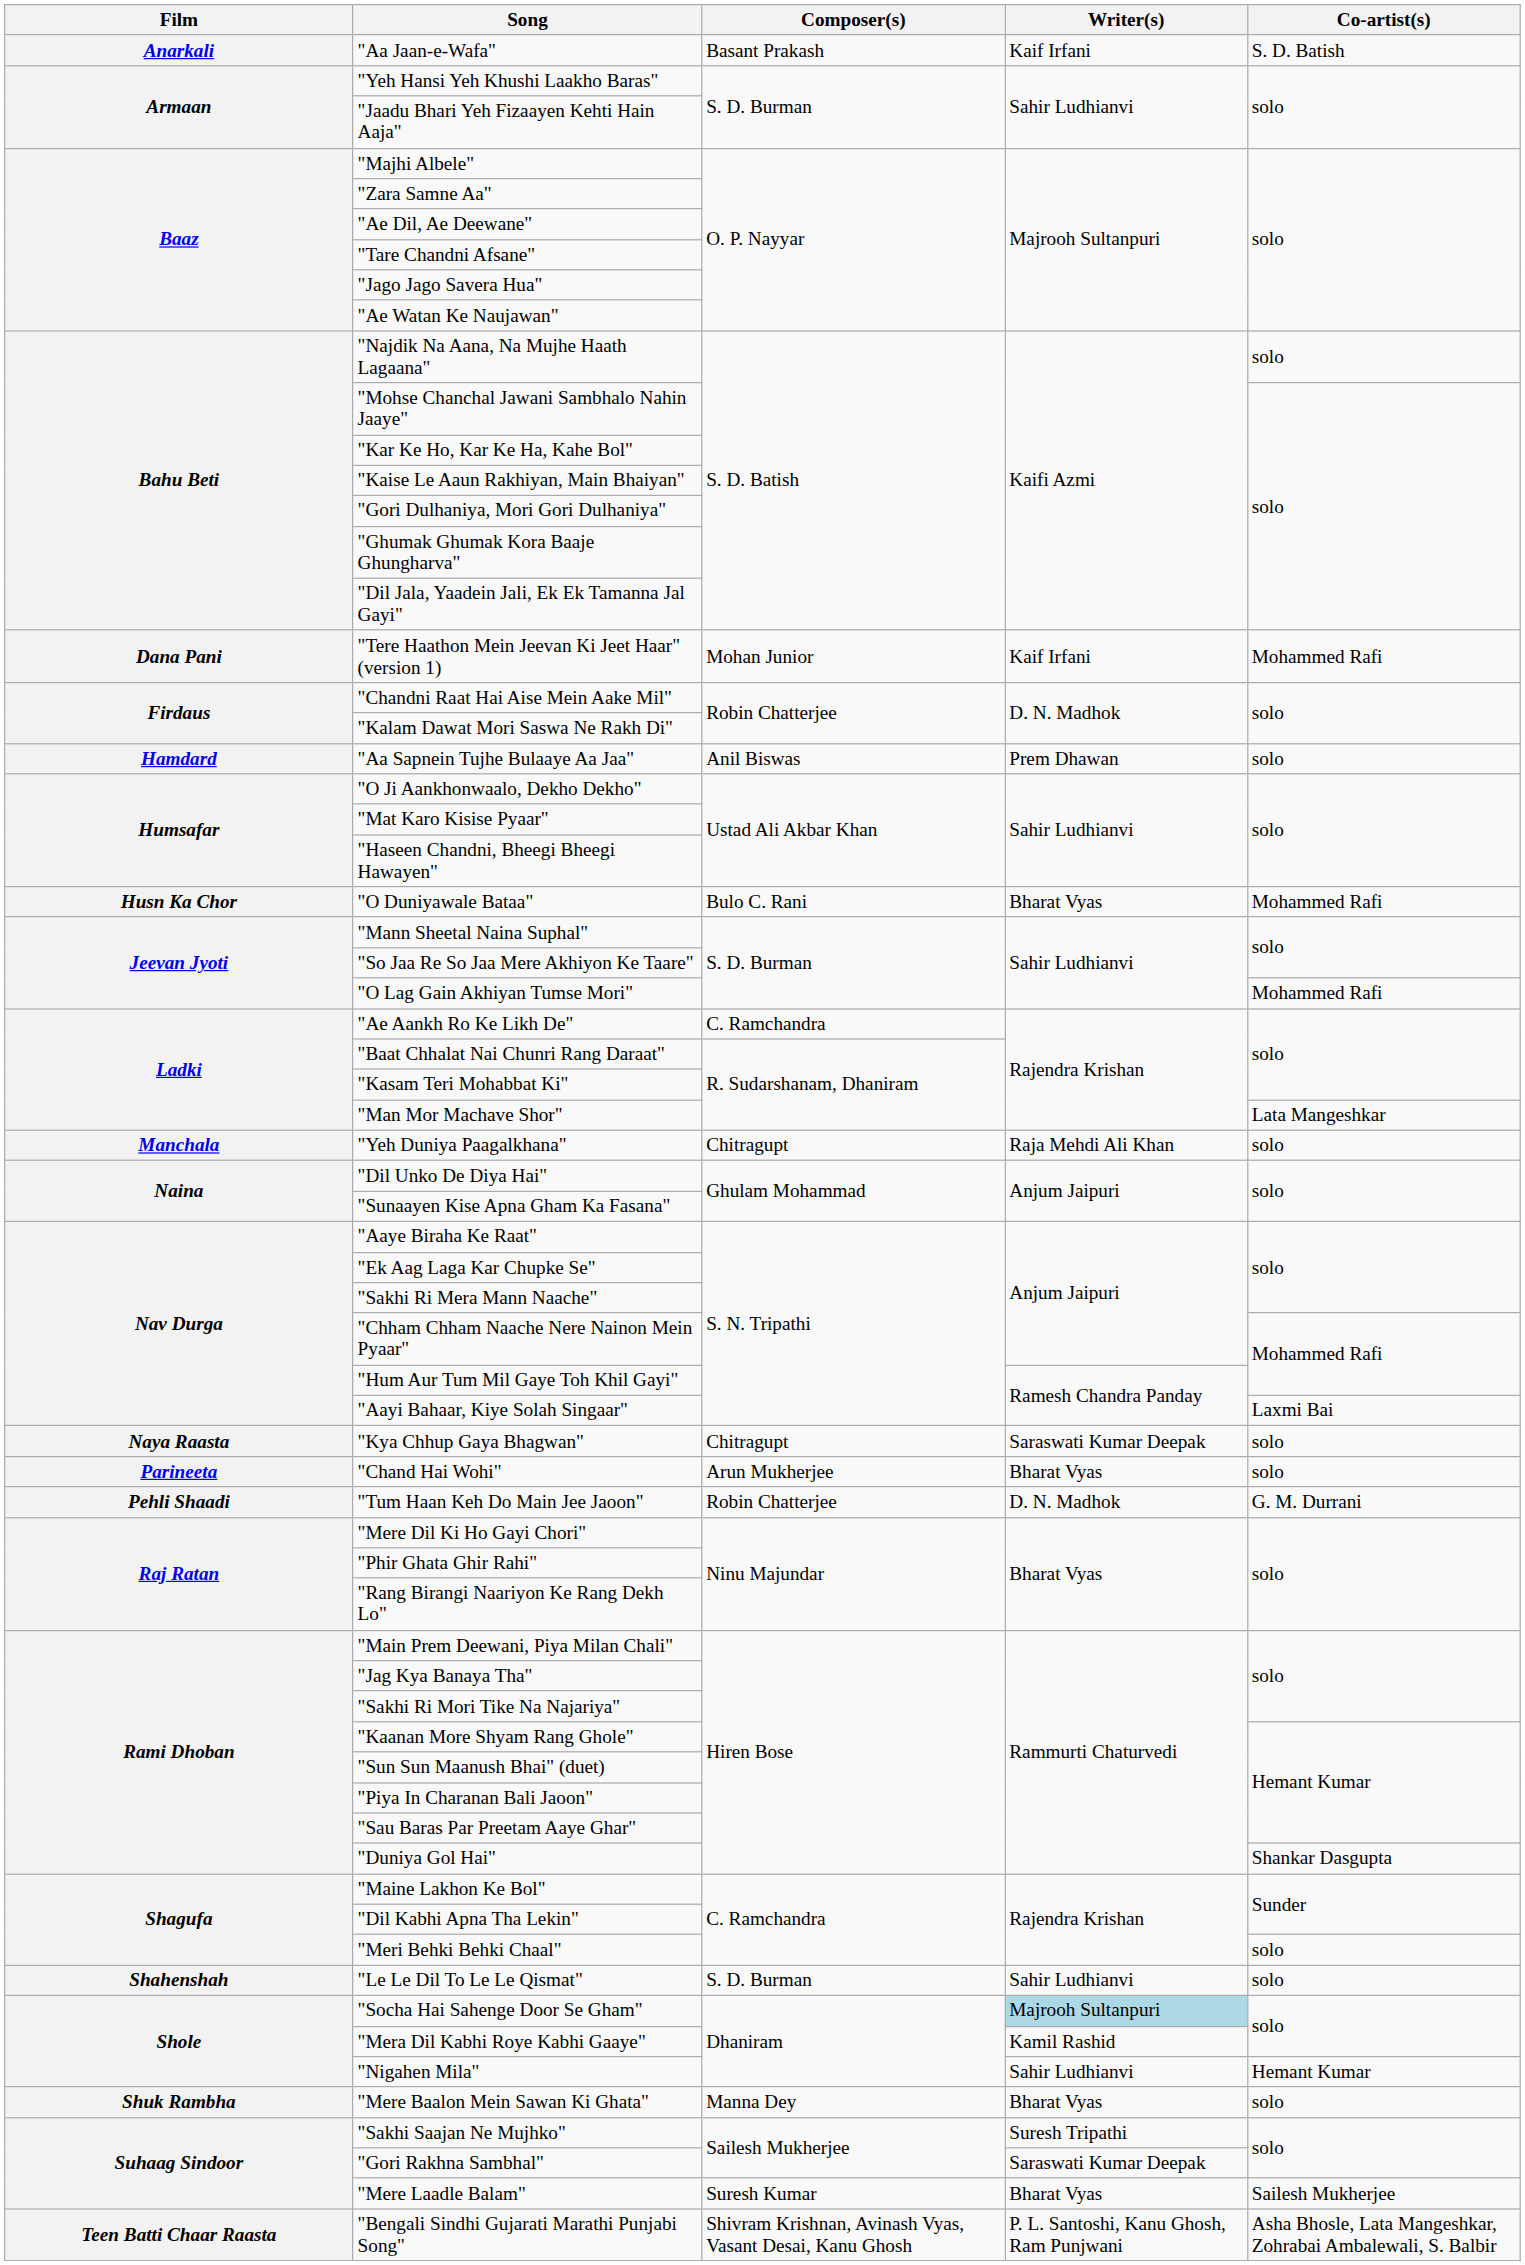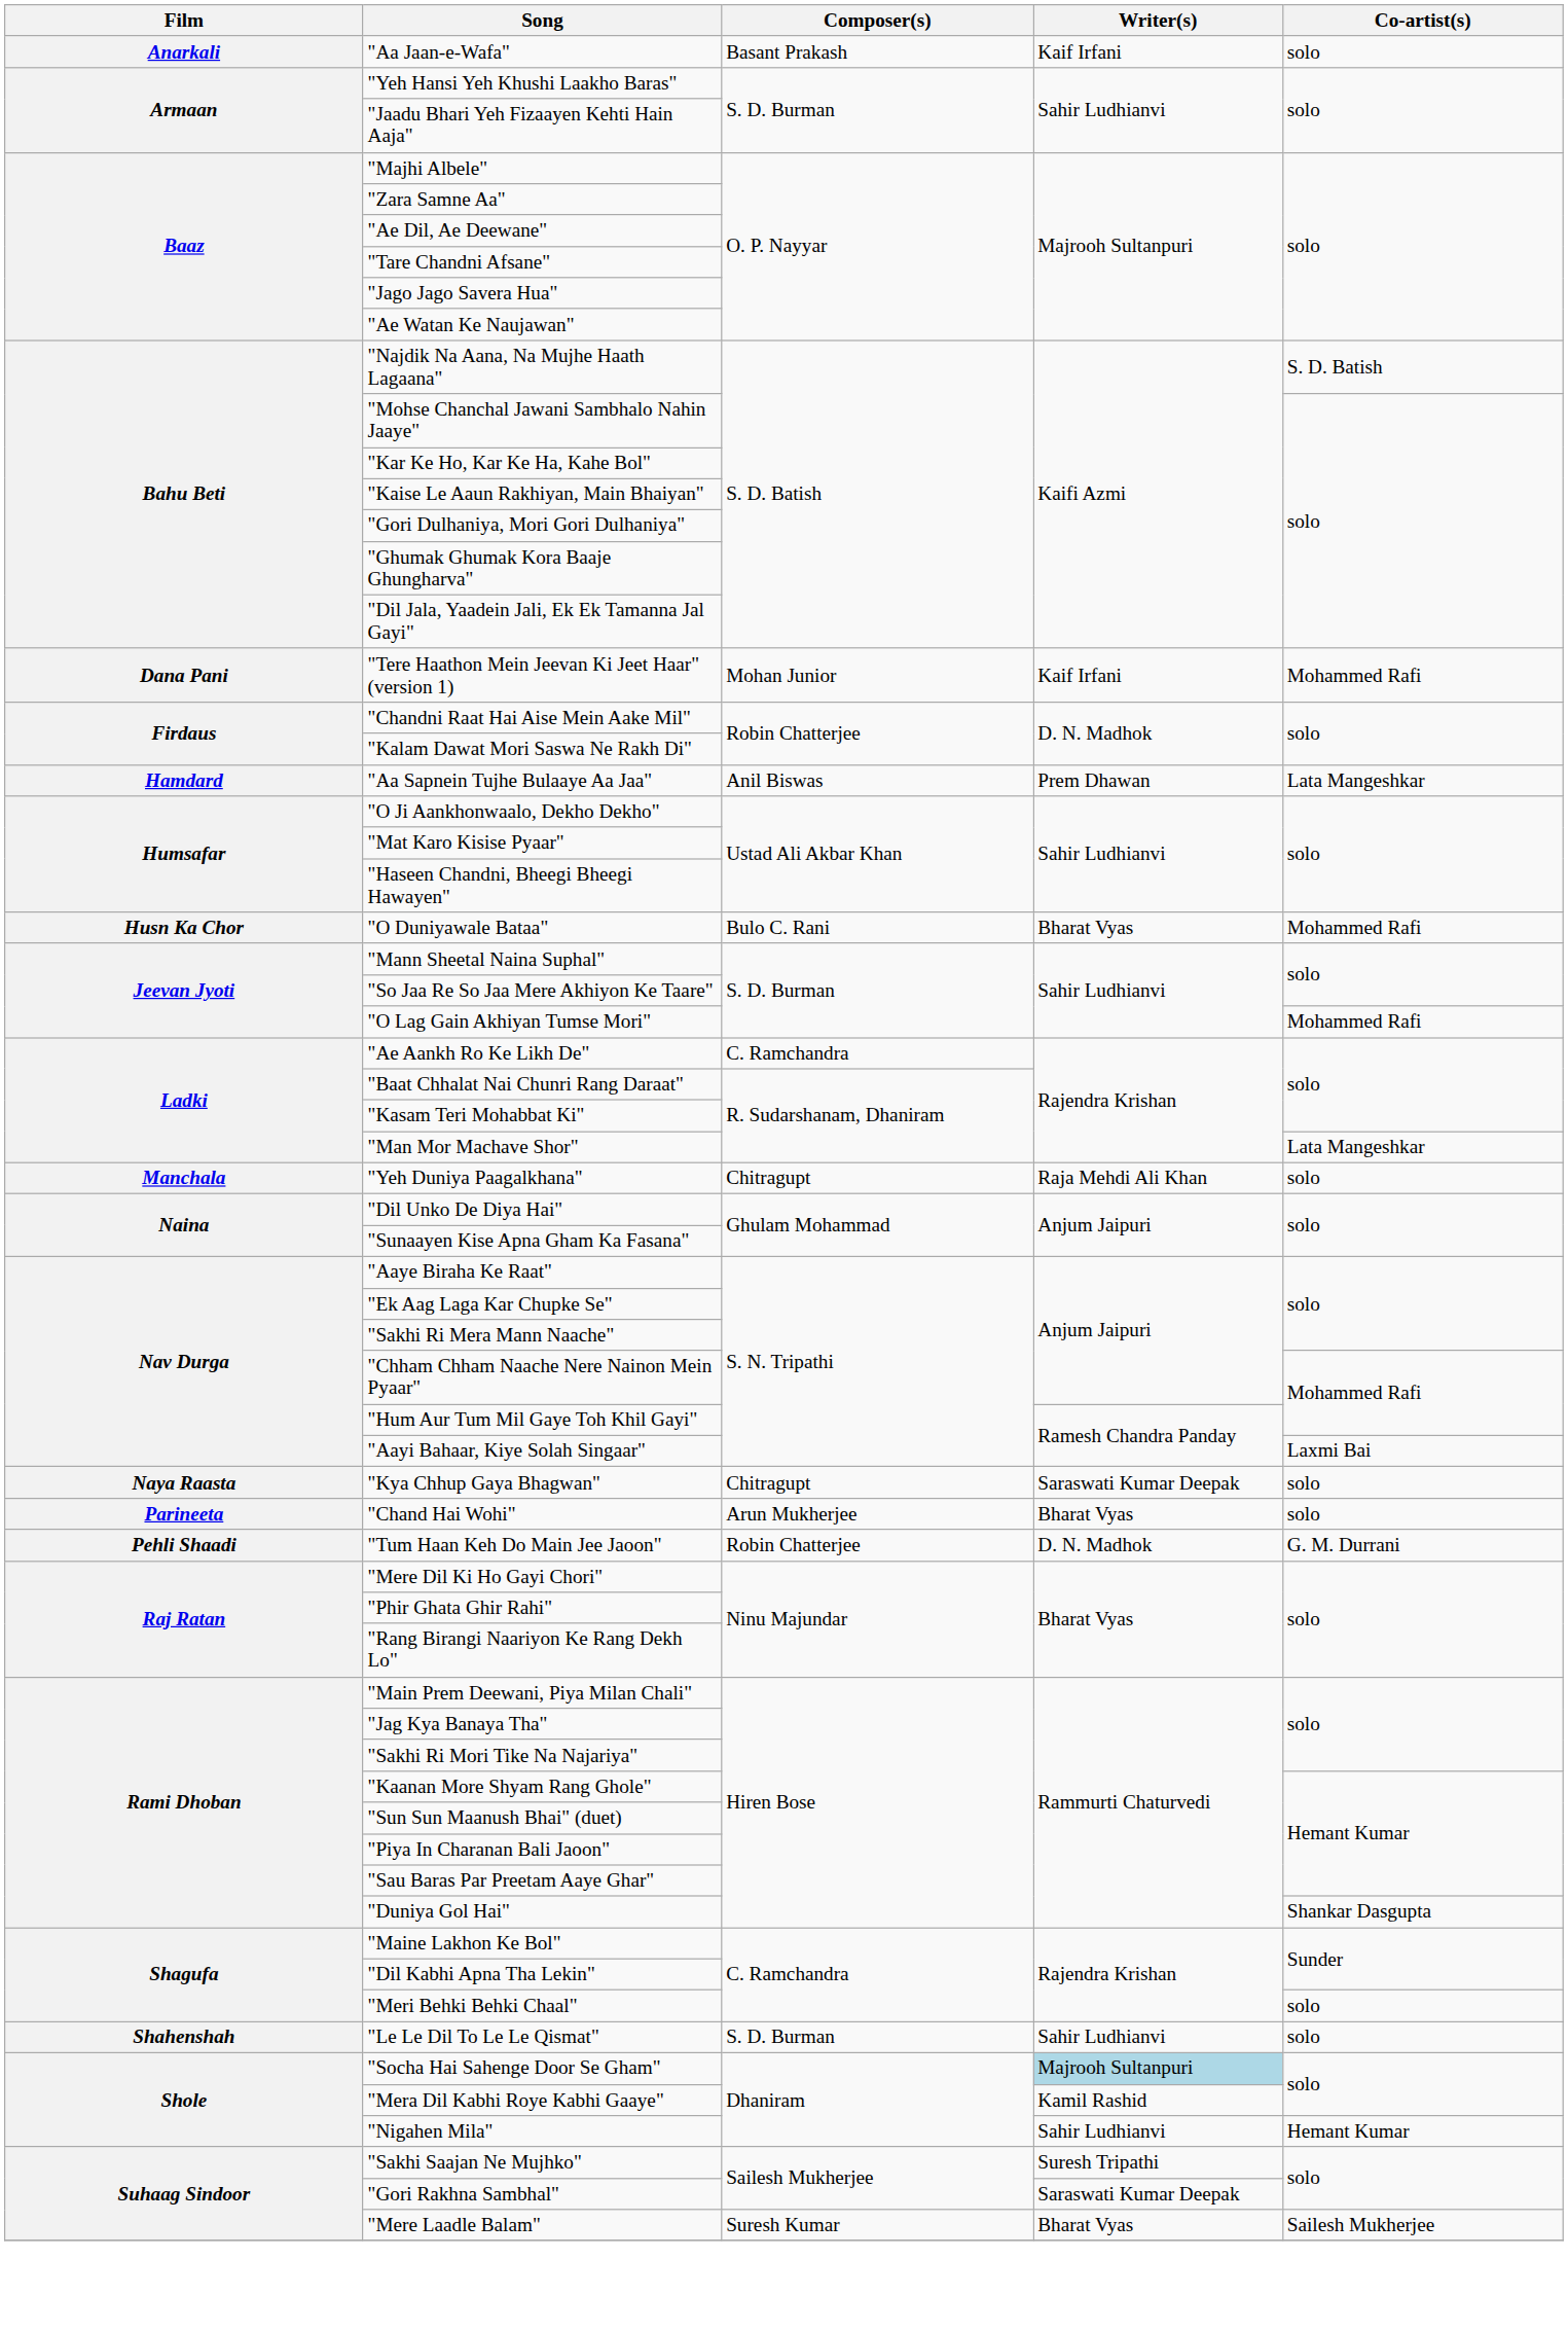 <table class="wikitable plainrowheaders" width="100%" textcolor:#000;">
 <tr style="background:#b0e0e66;">
 <th scope="col" width=23%><strong>Film</strong></th>
 <th scope="col" width=23%><strong>Song</strong></th>
 <th scope="col" width=20%><strong>Composer(s)</strong></th>
 <th scope="col" width=16%><strong>Writer(s)</strong></th>
 <th scope="col" width=18%><strong>Co-artist(s)</strong></th>
 </tr>
 <tr>
 <th><em><a href='#'>Anarkali</a></em></th>
 <td>"Aa Jaan-e-Wafa"</td>
 <td>Basant Prakash</td>
 <td>Kaif Irfani</td>
-<td>S. D. Batish</td>
+<td>solo</td>
 </tr>
 <tr>
 <th Rowspan=2><em>Armaan</em></th>
 <td>"Yeh Hansi Yeh Khushi Laakho Baras"</td>
 <td rowspan=2>S. D. Burman</td>
 <td rowspan=2>Sahir Ludhianvi</td>
 <td rowspan=2>solo</td>
 </tr>
 <tr>
 <td>"Jaadu Bhari Yeh Fizaayen Kehti Hain Aaja"</td>
 </tr>
 <tr>
 <th Rowspan=6><em><a href='#'>Baaz</a></em></th>
 <td>"Majhi Albele"</td>
 <td rowspan=6>O. P. Nayyar</td>
 <td rowspan=6>Majrooh Sultanpuri</td>
 <td rowspan=6>solo</td>
 </tr>
 <tr>
 <td>"Zara Samne Aa"</td>
 </tr>
 <tr>
 <td>"Ae Dil, Ae Deewane"</td>
 </tr>
 <tr>
 <td>"Tare Chandni Afsane"</td>
 </tr>
 <tr>
 <td>"Jago Jago Savera Hua"</td>
 </tr>
 <tr>
 <td>"Ae Watan Ke Naujawan"</td>
 </tr>
 <tr>
 <th rowspan=7><em>Bahu Beti</em></th>
 <td>"Najdik Na Aana, Na Mujhe Haath Lagaana"</td>
 <td rowspan=7>S. D. Batish</td>
 <td rowspan=7>Kaifi Azmi</td>
-<td>solo</td>
+<td>S. D. Batish</td>
 </tr>
 <tr>
 <td>"Mohse Chanchal Jawani Sambhalo Nahin Jaaye"</td>
 <td rowspan=6>solo</td>
 </tr>
 <tr>
 <td>"Kar Ke Ho, Kar Ke Ha, Kahe Bol"</td>
 </tr>
 <tr>
 <td>"Kaise Le Aaun Rakhiyan, Main Bhaiyan"</td>
 </tr>
 <tr>
 <td>"Gori Dulhaniya, Mori Gori Dulhaniya"</td>
 </tr>
 <tr>
 <td>"Ghumak Ghumak Kora Baaje Ghungharva"</td>
 </tr>
 <tr>
 <td>"Dil Jala, Yaadein Jali, Ek Ek Tamanna Jal Gayi"</td>
 </tr>
 <tr>
 <th><em>Dana Pani</em></th>
 <td>"Tere Haathon Mein Jeevan Ki Jeet Haar" (version 1)</td>
 <td>Mohan Junior</td>
 <td>Kaif Irfani</td>
 <td>Mohammed Rafi</td>
 </tr>
 <tr>
 <th Rowspan=2><em>Firdaus</em></th>
 <td>"Chandni Raat Hai Aise Mein Aake Mil"</td>
 <td rowspan=2>Robin Chatterjee</td>
 <td rowspan=2>D. N. Madhok</td>
 <td rowspan=2>solo</td>
 </tr>
 <tr>
 <td>"Kalam Dawat Mori Saswa Ne Rakh Di"</td>
 </tr>
 <tr>
 <th><em><a href='#'>Hamdard</a></em></th>
 <td>"Aa Sapnein Tujhe Bulaaye Aa Jaa"</td>
 <td>Anil Biswas</td>
 <td>Prem Dhawan</td>
-<td>solo</td>
+<td>Lata Mangeshkar</td>
 </tr>
 <tr>
 <th Rowspan=3><em>Humsafar</em></th>
 <td>"O Ji Aankhonwaalo, Dekho Dekho"</td>
 <td rowspan=3>Ustad Ali Akbar Khan</td>
 <td rowspan=3>Sahir Ludhianvi</td>
 <td Rowspan=3>solo</td>
 </tr>
 <tr>
 <td>"Mat Karo Kisise Pyaar"</td>
 </tr>
 <tr>
 <td>"Haseen Chandni, Bheegi Bheegi Hawayen"</td>
 </tr>
 <tr>
 <th rowspan=1><em>Husn Ka Chor</em></th>
 <td>"O Duniyawale Bataa"</td>
 <td Rowspan=1>Bulo C. Rani</td>
 <td>Bharat Vyas</td>
 <td rowspan=1>Mohammed Rafi</td>
 </tr>
 <tr>
 <th Rowspan=3><em><a href='#'>Jeevan Jyoti</a></em></th>
 <td>"Mann Sheetal Naina Suphal"</td>
 <td rowspan=3>S. D. Burman</td>
 <td rowspan=3>Sahir Ludhianvi</td>
 <td rowspan=2>solo</td>
 </tr>
 <tr>
 <td>"So Jaa Re So Jaa Mere Akhiyon Ke Taare"</td>
 </tr>
 <tr>
 <td>"O Lag Gain Akhiyan Tumse Mori"</td>
 <td>Mohammed Rafi</td>
 </tr>
 <tr>
 <th Rowspan=4><em><a href='#'>Ladki</a></em></th>
 <td>"Ae Aankh Ro Ke Likh De"</td>
 <td>C. Ramchandra</td>
 <td rowspan=4>Rajendra Krishan</td>
 <td rowspan=3>solo</td>
 </tr>
 <tr>
 <td>"Baat Chhalat Nai Chunri Rang Daraat"</td>
 <td rowspan=3>R. Sudarshanam, Dhaniram</td>
 </tr>
 <tr>
 <td>"Kasam Teri Mohabbat Ki"</td>
 </tr>
 <tr>
 <td>"Man Mor Machave Shor"</td>
 <td>Lata Mangeshkar</td>
 </tr>
 <tr>
 <th><em><a href='#'>Manchala</a></em></th>
 <td>"Yeh Duniya Paagalkhana"</td>
 <td>Chitragupt</td>
 <td>Raja Mehdi Ali Khan</td>
 <td>solo</td>
 </tr>
 <tr>
 <th rowspan=2><em>Naina</em></th>
 <td>"Dil Unko De Diya Hai"</td>
 <td rowspan=2>Ghulam Mohammad</td>
 <td rowspan=2>Anjum Jaipuri</td>
 <td rowspan=2>solo</td>
 </tr>
 <tr>
 <td>"Sunaayen Kise Apna Gham Ka Fasana"</td>
 </tr>
 <tr>
 <th Rowspan=6><em>Nav Durga</em></th>
 <td>"Aaye Biraha Ke Raat"</td>
 <td rowspan=6>S. N. Tripathi</td>
 <td rowspan=4>Anjum Jaipuri</td>
 <td rowspan=3>solo</td>
 </tr>
 <tr>
 <td>"Ek Aag Laga Kar Chupke Se"</td>
 </tr>
 <tr>
 <td>"Sakhi Ri Mera Mann Naache"</td>
 </tr>
 <tr>
 <td>"Chham Chham Naache Nere Nainon Mein Pyaar"</td>
 <td rowspan=2>Mohammed Rafi</td>
 </tr>
 <tr>
 <td>"Hum Aur Tum Mil Gaye Toh Khil Gayi"</td>
 <td rowspan=2>Ramesh Chandra Panday</td>
 </tr>
 <tr>
 <td>"Aayi Bahaar, Kiye Solah Singaar"</td>
 <td>Laxmi Bai</td>
 </tr>
 <tr>
 <th><em>Naya Raasta</em></th>
 <td>"Kya Chhup Gaya Bhagwan"</td>
 <td>Chitragupt</td>
 <td>Saraswati Kumar Deepak</td>
 <td>solo</td>
 </tr>
 <tr>
 <th><em><a href='#'>Parineeta</a></em></th>
 <td>"Chand Hai Wohi"</td>
 <td>Arun Mukherjee</td>
 <td>Bharat Vyas</td>
 <td>solo</td>
 </tr>
 <tr>
 <th><em>Pehli Shaadi</em></th>
 <td>"Tum Haan Keh Do Main Jee Jaoon"</td>
 <td>Robin Chatterjee</td>
 <td>D. N. Madhok</td>
 <td>G. M. Durrani</td>
 </tr>
 <tr>
 <th Rowspan=3><em><a href='#'>Raj Ratan</a></em></th>
 <td>"Mere Dil Ki Ho Gayi Chori"</td>
 <td rowspan=3>Ninu Majundar</td>
 <td rowspan=3>Bharat Vyas</td>
 <td rowspan=3>solo</td>
 </tr>
 <tr>
 <td>"Phir Ghata Ghir Rahi"</td>
 </tr>
 <tr>
 <td>"Rang Birangi Naariyon Ke Rang Dekh Lo"</td>
 </tr>
 <tr>
 <th Rowspan=8><em>Rami Dhoban</em></th>
 <td>"Main Prem Deewani, Piya Milan Chali"</td>
 <td rowspan=8>Hiren Bose</td>
 <td rowspan=8>Rammurti Chaturvedi</td>
 <td rowspan=3>solo</td>
 </tr>
 <tr>
 <td>"Jag Kya Banaya Tha"</td>
 </tr>
 <tr>
 <td>"Sakhi Ri Mori Tike Na Najariya"</td>
 </tr>
 <tr>
 <td>"Kaanan More Shyam Rang Ghole"</td>
 <td rowspan=4>Hemant Kumar</td>
 </tr>
 <tr>
 <td>"Sun Sun Maanush Bhai" (duet)</td>
 </tr>
 <tr>
 <td>"Piya In Charanan Bali Jaoon"</td>
 </tr>
 <tr>
 <td>"Sau Baras Par Preetam Aaye Ghar"</td>
 </tr>
 <tr>
 <td>"Duniya Gol Hai"</td>
 <td>Shankar Dasgupta</td>
 </tr>
 <tr>
 <th Rowspan=3><em>Shagufa</em></th>
 <td>"Maine Lakhon Ke Bol"</td>
 <td rowspan=3>C. Ramchandra</td>
 <td rowspan=3>Rajendra Krishan</td>
 <td Rowspan=2>Sunder</td>
 </tr>
 <tr>
 <td>"Dil Kabhi Apna Tha Lekin"</td>
 </tr>
 <tr>
 <td>"Meri Behki Behki Chaal"</td>
 <td>solo</td>
 </tr>
 <tr>
 <th><em>Shahenshah</em></th>
 <td>"Le Le Dil To Le Le Qismat"</td>
 <td>S. D. Burman</td>
 <td>Sahir Ludhianvi</td>
 <td>solo</td>
 </tr>
 <tr>
 <th Rowspan=3><em>Shole</em></th>
 <td>"Socha Hai Sahenge Door Se Gham"</td>
 <td rowspan=3>Dhaniram</td>
 <td style="background: lightblue;">Majrooh Sultanpuri</td>
 <td Rowspan=2>solo</td>
 </tr>
 <tr>
 <td>"Mera Dil Kabhi Roye Kabhi Gaaye"</td>
 <td>Kamil Rashid</td>
 </tr>
 <tr>
 <td>"Nigahen Mila"</td>
 <td>Sahir Ludhianvi</td>
 <td>Hemant Kumar</td>
 </tr>
 <tr>
-<th Rowspan=1><em>Shuk Rambha</em></th>
-<td>"Mere Baalon Mein Sawan Ki Ghata"</td>
-<td rowspan=1>Manna Dey</td>
-<td rowspan=1>Bharat Vyas</td>
-<td rowspan=1>solo</td>
-</tr>
-<tr>
 <th Rowspan=3><em>Suhaag Sindoor</em></th>
 <td>"Sakhi Saajan Ne Mujhko"</td>
 <td rowspan=2>Sailesh Mukherjee</td>
 <td rowspan=1>Suresh Tripathi</td>
 <td rowspan=2>solo</td>
 </tr>
 <tr>
 <td>"Gori Rakhna Sambhal"</td>
 <td>Saraswati Kumar Deepak</td>
 </tr>
 <tr>
 <td>"Mere Laadle Balam"</td>
 <td rowspan=1>Suresh Kumar</td>
 <td>Bharat Vyas</td>
 <td rowspan=1>Sailesh Mukherjee</td>
 </tr>
 <tr>
-<th Rowspan=1><em>Teen Batti Chaar Raasta</em></th>
-<td>"Bengali Sindhi Gujarati Marathi Punjabi Song"</td>
-<td>Shivram Krishnan, Avinash Vyas, Vasant Desai, Kanu Ghosh</td>
-<td>P. L. Santoshi, Kanu Ghosh, Ram Punjwani</td>
-<td>Asha Bhosle, Lata Mangeshkar, Zohrabai Ambalewali, S. Balbir</td>
-</tr>
-<tr>
 </tr>
 </table>
